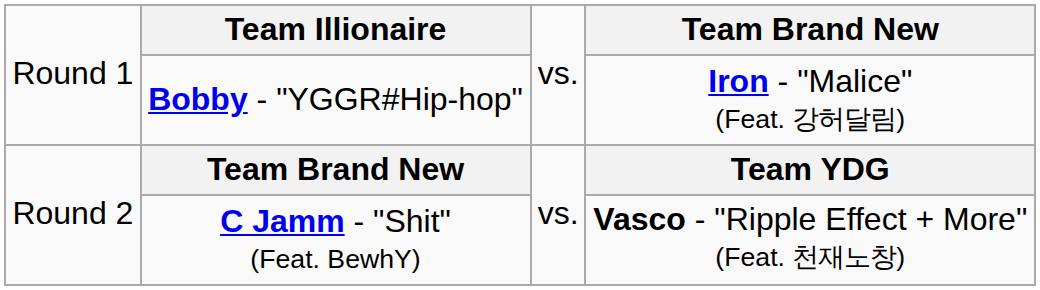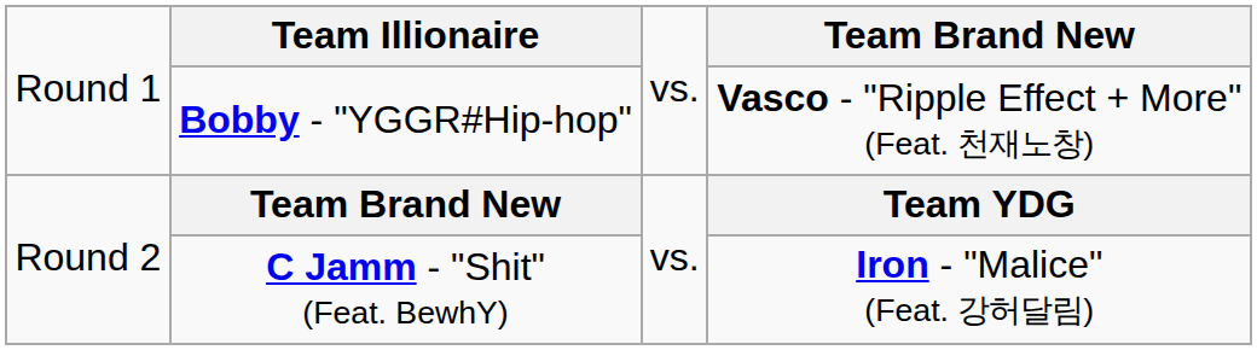 <table class="wikitable" style="text-align:center" border="2">
 <tr>
 <td rowspan="2">Round 1</td>
 <th>Team Illionaire</th>
 <td rowspan="2">vs.</td>
 <th>Team Brand New</th>
 </tr>
 <tr>
 <td><strong><a href='#'>Bobby</a></strong> - "YGGR#Hip-hop"</td>
-<td><strong><a href='#'>Iron</a></strong> - "Malice"<br><small>(Feat. 강허달림)</small></td>
+<td><strong>Vasco</strong> - "Ripple Effect + More"<br><small>(Feat. 천재노창)</small></td>
 </tr>
 <tr>
 <td rowspan="2">Round 2</td>
 <th>Team Brand New</th>
 <td rowspan="2">vs.</td>
 <th>Team YDG</th>
 </tr>
 <tr>
 <td><strong><a href='#'>C Jamm</a></strong> - "Shit"<br><small>(Feat. BewhY)</small></td>
-<td><strong>Vasco</strong> - "Ripple Effect + More"<br><small>(Feat. 천재노창)</small></td>
+<td><strong><a href='#'>Iron</a></strong> - "Malice"<br><small>(Feat. 강허달림)</small></td>
 </tr>
 </table>
